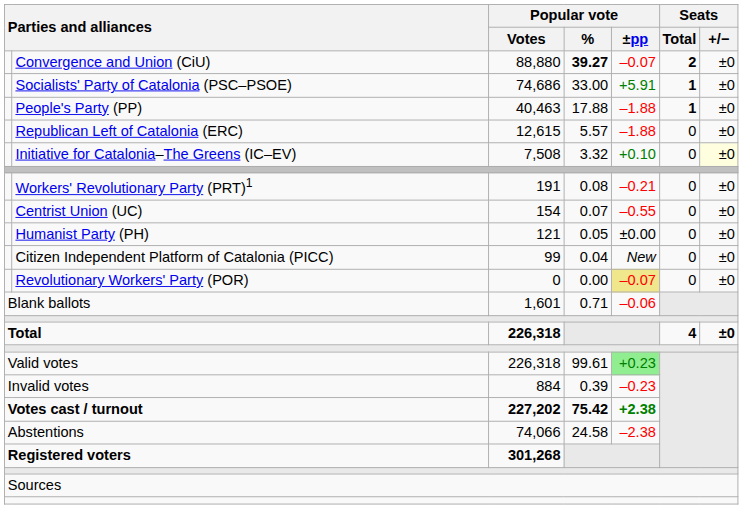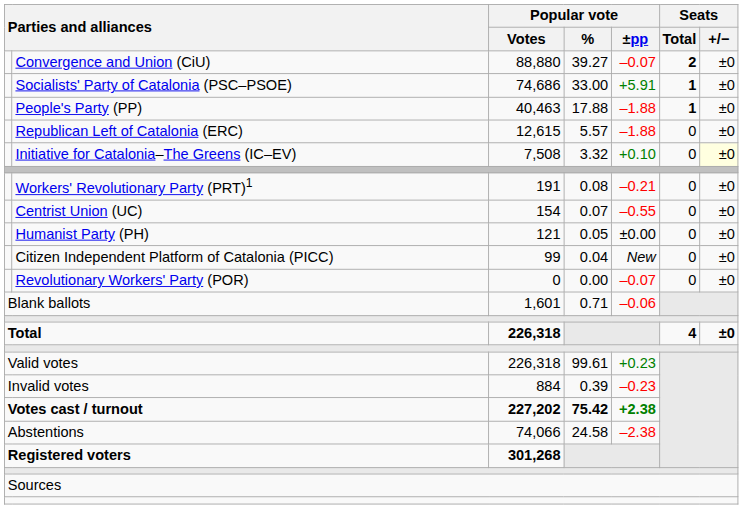 <table class="wikitable" style="text-align:right;">
 <tr>
 <th style="text-align:left;" rowspan="2" colspan="2" width="525">Parties and alliances</th>
 <th colspan="3">Popular vote</th>
 <th colspan="2">Seats</th>
 </tr>
 <tr>
 <th width="75">Votes</th>
 <th width="45">%</th>
 <th width="45">±<a href='#'>pp</a></th>
 <th width="35">Total</th>
 <th width="35">+/−</th>
 </tr>
 <tr>
 <td width="1" style="color:inherit;background:"></td>
 <td align="left"><a href='#'>Convergence and Union</a> (CiU)</td>
 <td>88,880</td>
-<td><strong>39.27</strong></td>
+<td>39.27</td>
 <td style="color:red;">–0.07</td>
 <td><strong>2</strong></td>
 <td>±0</td>
 </tr>
 <tr>
 <td style="color:inherit;background:"></td>
 <td align="left"><a href='#'>Socialists' Party of Catalonia</a> (PSC–PSOE)</td>
 <td>74,686</td>
 <td>33.00</td>
 <td style="color:green;">+5.91</td>
 <td><strong>1</strong></td>
 <td>±0</td>
 </tr>
 <tr>
 <td style="color:inherit;background:"></td>
 <td align="left"><a href='#'>People's Party</a> (PP)</td>
 <td>40,463</td>
 <td>17.88</td>
 <td style="color:red;">–1.88</td>
 <td><strong>1</strong></td>
 <td>±0</td>
 </tr>
 <tr>
 <td style="color:inherit;background:"></td>
 <td align="left"><a href='#'>Republican Left of Catalonia</a> (ERC)</td>
 <td>12,615</td>
 <td>5.57</td>
 <td style="color:red;">–1.88</td>
 <td>0</td>
 <td>±0</td>
 </tr>
 <tr>
 <td style="color:inherit;background:"></td>
 <td align="left"><a href='#'>Initiative for Catalonia</a>–<a href='#'>The Greens</a> (IC–EV)</td>
 <td>7,508</td>
 <td>3.32</td>
 <td style="color:green;">+0.10</td>
 <td>0</td>
 <td style="background: lightyellow;">±0</td>
 </tr>
 <tr>
 <td colspan="7" bgcolor="#C0C0C0"></td>
 </tr>
 <tr>
 <td style="color:inherit;background:"></td>
 <td align="left"><a href='#'>Workers' Revolutionary Party</a> (PRT)<sup>1</sup></td>
 <td>191</td>
 <td>0.08</td>
 <td style="color:red;">–0.21</td>
 <td>0</td>
 <td>±0</td>
 </tr>
 <tr>
 <td style="color:inherit;background:"></td>
 <td align="left"><a href='#'>Centrist Union</a> (UC)</td>
 <td>154</td>
 <td>0.07</td>
 <td style="color:red;">–0.55</td>
 <td>0</td>
 <td>±0</td>
 </tr>
 <tr>
 <td style="color:inherit;background:"></td>
 <td align="left"><a href='#'>Humanist Party</a> (PH)</td>
 <td>121</td>
 <td>0.05</td>
 <td>±0.00</td>
 <td>0</td>
 <td>±0</td>
 </tr>
 <tr>
 <td style="color:inherit;background:"></td>
 <td align="left">Citizen Independent Platform of Catalonia (PICC)</td>
 <td>99</td>
 <td>0.04</td>
 <td><em>New</em></td>
 <td>0</td>
 <td>±0</td>
 </tr>
 <tr>
 <td style="color:inherit;background:"></td>
 <td align="left"><a href='#'>Revolutionary Workers' Party</a> (POR)</td>
 <td>0</td>
 <td>0.00</td>
-<td style="background: khaki; color:red;">–0.07</td>
+<td style="color:red;">–0.07</td>
 <td>0</td>
 <td>±0</td>
 </tr>
 <tr>
 <td align="left" colspan="2">Blank ballots</td>
 <td>1,601</td>
 <td>0.71</td>
 <td style="color:red;">–0.06</td>
 <td bgcolor="#E9E9E9" colspan="2"></td>
 </tr>
 <tr>
 <td colspan="7" bgcolor="#E9E9E9"></td>
 </tr>
 <tr style="font-weight:bold;">
 <td align="left" colspan="2">Total</td>
 <td>226,318</td>
 <td bgcolor="#E9E9E9" colspan="2"></td>
 <td>4</td>
 <td>±0</td>
 </tr>
 <tr>
 <td colspan="7" bgcolor="#E9E9E9"></td>
 </tr>
 <tr>
 <td align="left" colspan="2">Valid votes</td>
 <td>226,318</td>
 <td>99.61</td>
-<td style="background: lightgreen; color:green;">+0.23</td>
+<td style="color:green;">+0.23</td>
 <td bgcolor="#E9E9E9" colspan="2" rowspan="5"></td>
 </tr>
 <tr>
 <td align="left" colspan="2">Invalid votes</td>
 <td>884</td>
 <td>0.39</td>
 <td style="color:red;">–0.23</td>
 </tr>
 <tr style="font-weight:bold;">
 <td align="left" colspan="2">Votes cast / turnout</td>
 <td>227,202</td>
 <td>75.42</td>
 <td style="color:green;">+2.38</td>
 </tr>
 <tr>
 <td align="left" colspan="2">Abstentions</td>
 <td>74,066</td>
 <td>24.58</td>
 <td style="color:red;">–2.38</td>
 </tr>
 <tr style="font-weight:bold;">
 <td align="left" colspan="2">Registered voters</td>
 <td>301,268</td>
 <td bgcolor="#E9E9E9" colspan="2"></td>
 </tr>
 <tr>
 <td colspan="7" bgcolor="#E9E9E9"></td>
 </tr>
 <tr>
 <td align="left" colspan="7">Sources</td>
 </tr>
 <tr>
 <td colspan="7" style="text-align:left; max-width:790px;"></td>
 </tr>
 </table>
